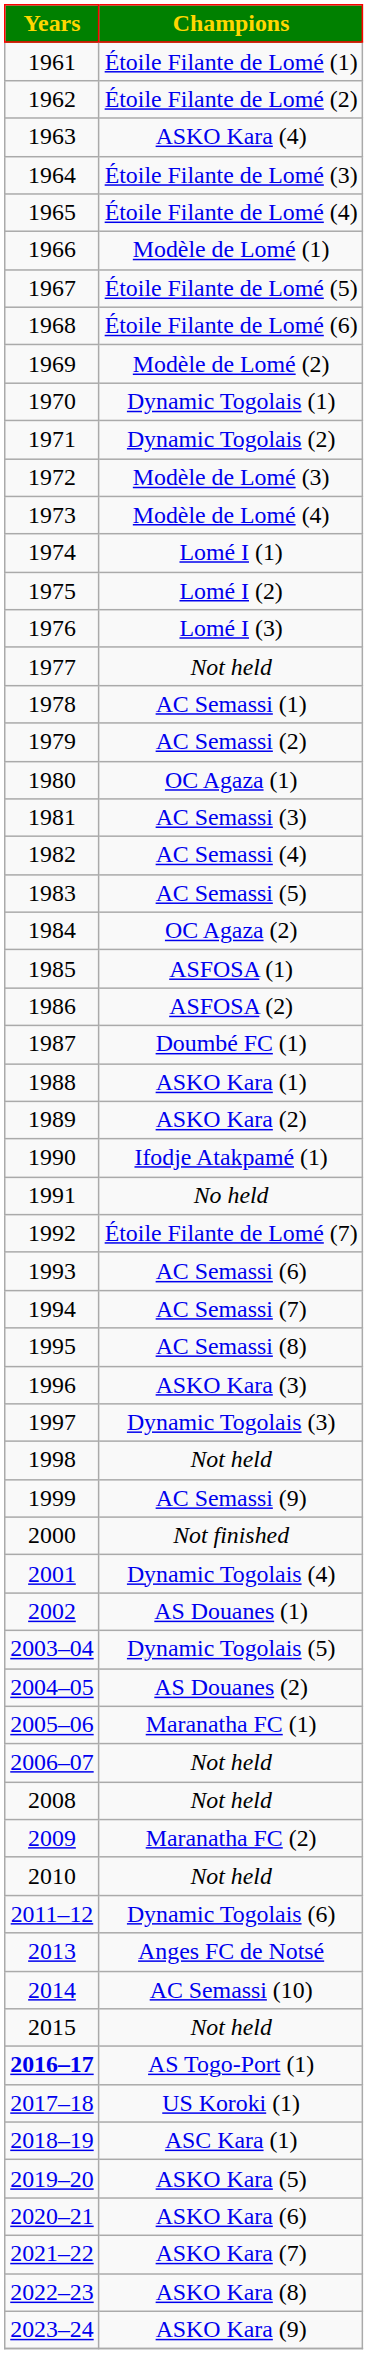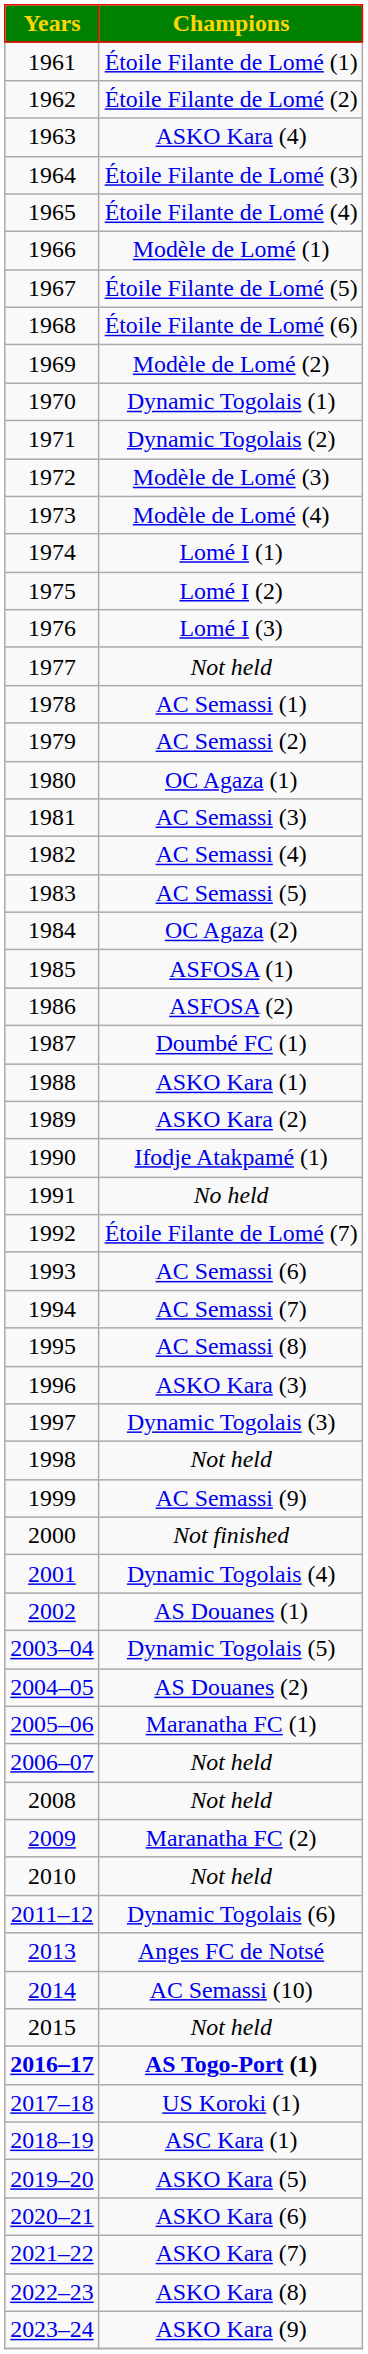 <table class="wikitable" style="text-align: center;">
 <tr>
 <th style="background:green; color:gold; border:1px solid red;">Years</th>
 <th style="background:green; color:gold; border:1px solid red;">Champions</th>
 </tr>
 <tr>
 <td>1961</td>
 <td><a href='#'>Étoile Filante de Lomé</a> (1)</td>
 </tr>
 <tr>
 <td>1962</td>
 <td><a href='#'>Étoile Filante de Lomé</a> (2)</td>
 </tr>
 <tr>
 <td>1963</td>
 <td><a href='#'>ASKO Kara</a> (4)</td>
 </tr>
 <tr>
 <td>1964</td>
 <td><a href='#'>Étoile Filante de Lomé</a> (3)</td>
 </tr>
 <tr>
 <td>1965</td>
 <td><a href='#'>Étoile Filante de Lomé</a> (4)</td>
 </tr>
 <tr>
 <td>1966</td>
 <td><a href='#'>Modèle de Lomé</a> (1)</td>
 </tr>
 <tr>
 <td>1967</td>
 <td><a href='#'>Étoile Filante de Lomé</a> (5)</td>
 </tr>
 <tr>
 <td>1968</td>
 <td><a href='#'>Étoile Filante de Lomé</a> (6)</td>
 </tr>
 <tr>
 <td>1969</td>
 <td><a href='#'>Modèle de Lomé</a> (2)</td>
 </tr>
 <tr>
 <td>1970</td>
 <td><a href='#'>Dynamic Togolais</a> (1)</td>
 </tr>
 <tr>
 <td>1971</td>
 <td><a href='#'>Dynamic Togolais</a> (2)</td>
 </tr>
 <tr>
 <td>1972</td>
 <td><a href='#'>Modèle de Lomé</a> (3)</td>
 </tr>
 <tr>
 <td>1973</td>
 <td><a href='#'>Modèle de Lomé</a> (4)</td>
 </tr>
 <tr>
 <td>1974</td>
 <td><a href='#'>Lomé I</a> (1)</td>
 </tr>
 <tr>
 <td>1975</td>
 <td><a href='#'>Lomé I</a> (2)</td>
 </tr>
 <tr>
 <td>1976</td>
 <td><a href='#'>Lomé I</a> (3)</td>
 </tr>
 <tr>
 <td>1977</td>
 <td><em>Not held</em></td>
 </tr>
 <tr>
 <td>1978</td>
 <td><a href='#'>AC Semassi</a> (1)</td>
 </tr>
 <tr>
 <td>1979</td>
 <td><a href='#'>AC Semassi</a> (2)</td>
 </tr>
 <tr>
 <td>1980</td>
 <td><a href='#'>OC Agaza</a> (1)</td>
 </tr>
 <tr>
 <td>1981</td>
 <td><a href='#'>AC Semassi</a> (3)</td>
 </tr>
 <tr>
 <td>1982</td>
 <td><a href='#'>AC Semassi</a> (4)</td>
 </tr>
 <tr>
 <td>1983</td>
 <td><a href='#'>AC Semassi</a> (5)</td>
 </tr>
 <tr>
 <td>1984</td>
 <td><a href='#'>OC Agaza</a> (2)</td>
 </tr>
 <tr>
 <td>1985</td>
 <td><a href='#'>ASFOSA</a> (1)</td>
 </tr>
 <tr>
 <td>1986</td>
 <td><a href='#'>ASFOSA</a> (2)</td>
 </tr>
 <tr>
 <td>1987</td>
 <td><a href='#'>Doumbé FC</a> (1)</td>
 </tr>
 <tr>
 <td>1988</td>
 <td><a href='#'>ASKO Kara</a> (1)</td>
 </tr>
 <tr>
 <td>1989</td>
 <td><a href='#'>ASKO Kara</a> (2)</td>
 </tr>
 <tr>
 <td>1990</td>
 <td><a href='#'>Ifodje Atakpamé</a> (1)</td>
 </tr>
 <tr>
 <td>1991</td>
 <td><em>No held</em></td>
 </tr>
 <tr>
 <td>1992</td>
 <td><a href='#'>Étoile Filante de Lomé</a> (7)</td>
 </tr>
 <tr>
 <td>1993</td>
 <td><a href='#'>AC Semassi</a> (6)</td>
 </tr>
 <tr>
 <td>1994</td>
 <td><a href='#'>AC Semassi</a> (7)</td>
 </tr>
 <tr>
 <td>1995</td>
 <td><a href='#'>AC Semassi</a> (8)</td>
 </tr>
 <tr>
 <td>1996</td>
 <td><a href='#'>ASKO Kara</a> (3)</td>
 </tr>
 <tr>
 <td>1997</td>
 <td><a href='#'>Dynamic Togolais</a> (3)</td>
 </tr>
 <tr>
 <td>1998</td>
 <td><em>Not held</em></td>
 </tr>
 <tr>
 <td>1999</td>
 <td><a href='#'>AC Semassi</a> (9)</td>
 </tr>
 <tr>
 <td>2000</td>
 <td><em>Not finished</em></td>
 </tr>
 <tr>
 <td><a href='#'>2001</a></td>
 <td><a href='#'>Dynamic Togolais</a> (4)</td>
 </tr>
 <tr>
 <td><a href='#'>2002</a></td>
 <td><a href='#'>AS Douanes</a> (1)</td>
 </tr>
 <tr>
 <td><a href='#'>2003–04</a></td>
 <td><a href='#'>Dynamic Togolais</a> (5)</td>
 </tr>
 <tr>
 <td><a href='#'>2004–05</a></td>
 <td><a href='#'>AS Douanes</a> (2)</td>
 </tr>
 <tr>
 <td><a href='#'>2005–06</a></td>
 <td><a href='#'>Maranatha FC</a> (1)</td>
 </tr>
 <tr>
 <td><a href='#'>2006–07</a></td>
 <td><em>Not held</em></td>
 </tr>
 <tr>
 <td>2008</td>
 <td><em>Not held</em></td>
 </tr>
 <tr>
 <td><a href='#'>2009</a></td>
 <td><a href='#'>Maranatha FC</a> (2)</td>
 </tr>
 <tr>
 <td>2010</td>
 <td><em>Not held</em></td>
 </tr>
 <tr>
 <td><a href='#'>2011–12</a></td>
 <td><a href='#'>Dynamic Togolais</a> (6)</td>
 </tr>
 <tr>
 <td><a href='#'>2013</a></td>
 <td><a href='#'>Anges FC de Notsé</a></td>
 </tr>
 <tr>
 <td><a href='#'>2014</a></td>
 <td><a href='#'>AC Semassi</a> (10)</td>
 </tr>
 <tr>
 <td>2015</td>
 <td><em>Not held</em></td>
 </tr>
 <tr>
 <td><strong><a href='#'>2016–17</a></strong></td>
-<td><a href='#'>AS Togo-Port</a> (1)</td>
+<td><strong><a href='#'>AS Togo-Port</a> (1)</strong></td>
 </tr>
 <tr>
 <td><a href='#'>2017–18</a></td>
 <td><a href='#'>US Koroki</a> (1)</td>
 </tr>
 <tr>
 <td><a href='#'>2018–19</a></td>
 <td><a href='#'>ASC Kara</a> (1)</td>
 </tr>
 <tr>
 <td><a href='#'>2019–20</a></td>
 <td><a href='#'>ASKO Kara</a> (5)</td>
 </tr>
 <tr>
 <td><a href='#'>2020–21</a></td>
 <td><a href='#'>ASKO Kara</a> (6)</td>
 </tr>
 <tr>
 <td><a href='#'>2021–22</a></td>
 <td><a href='#'>ASKO Kara</a> (7)</td>
 </tr>
 <tr>
 <td><a href='#'>2022–23</a></td>
 <td><a href='#'>ASKO Kara</a> (8)</td>
 </tr>
 <tr>
 <td><a href='#'>2023–24</a></td>
 <td><a href='#'>ASKO Kara</a> (9)</td>
 </tr>
 <tr>
 </tr>
 </table>
